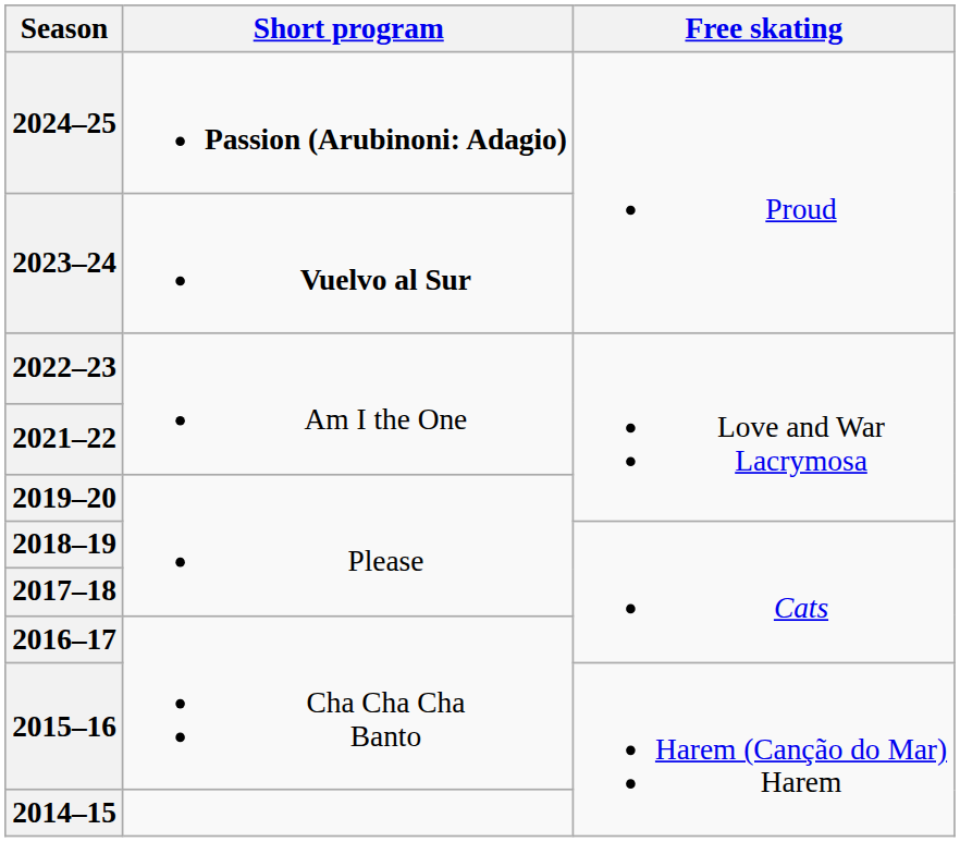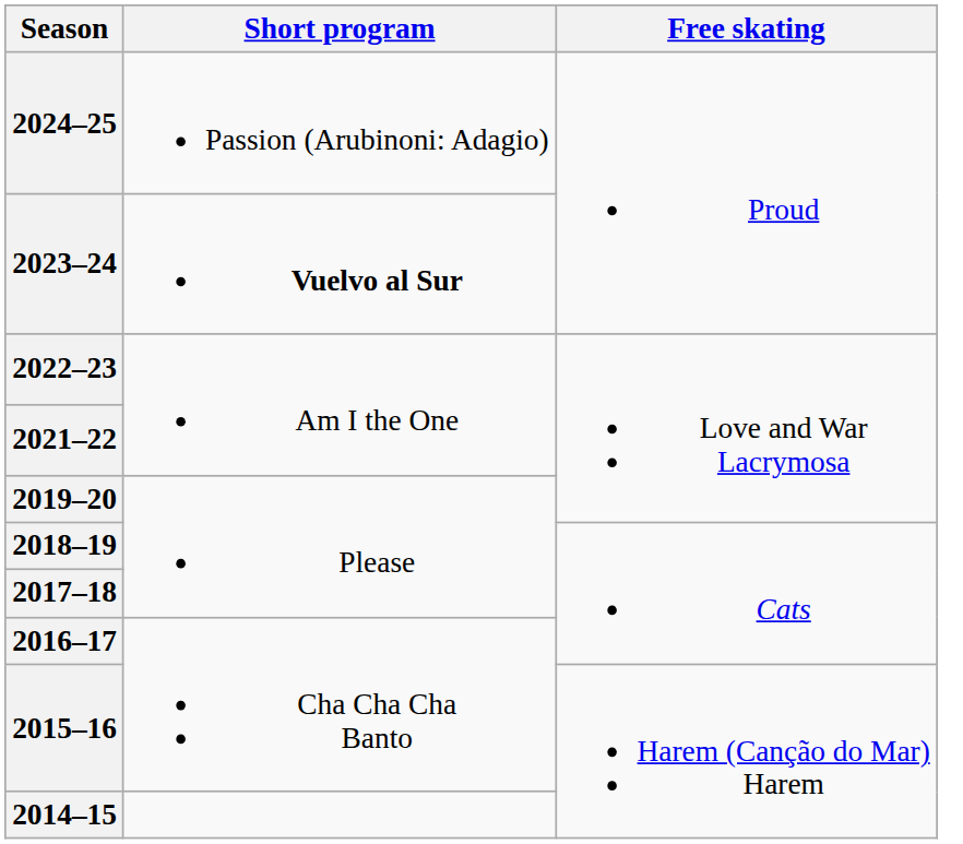 <table class=wikitable style=text-align:center>
 <tr>
 <th>Season</th>
 <th><a href='#'>Short program</a></th>
 <th><a href='#'>Free skating</a></th>
 </tr>
 <tr>
 <th>2024–25 <br> </th>
-<td><strong><br><ul><li>Passion (Arubinoni: Adagio) <br></li></ul></strong></td>
+<td><br><ul><li>Passion (Arubinoni: Adagio) <br></li></ul></td>
 <td rowspan=2><br><ul><li><a href='#'>Proud</a> <br> </li></ul></td>
 </tr>
 <tr>
 <th>2023–24 <br> </th>
 <td><strong><br><ul><li>Vuelvo al Sur <br> </li></ul></strong></td>
 </tr>
 <tr>
 <th>2022–23 <br> </th>
 <td rowspan=2><br><ul><li>Am I the One <br></li></ul></td>
 <td rowspan="3"><br><ul><li>Love and War <br></li><li><a href='#'>Lacrymosa</a> <br></li></ul></td>
 </tr>
 <tr>
 <th>2021–22</th>
 </tr>
 <tr>
 <th>2019–20 <br> </th>
 <td rowspan="3"><br><ul><li>Please <br></li></ul></td>
 </tr>
 <tr>
 <th>2018–19 <br> </th>
 <td rowspan="3"><br><ul><li><em><a href='#'>Cats</a></em> <br></li></ul></td>
 </tr>
 <tr>
 <th>2017–18 <br> </th>
 </tr>
 <tr>
 <th>2016–17 <br> </th>
 <td rowspan="2"><br><ul><li>Cha Cha Cha</li><li>Banto <br></li></ul></td>
 </tr>
 <tr>
 <th>2015–16 <br> </th>
 <td rowspan="2"><br><ul><li><a href='#'>Harem (Canção do Mar)</a> <br></li><li>Harem <br></li></ul></td>
 </tr>
 <tr>
 <th>2014–15</th>
 <td></td>
 </tr>
 </table>
